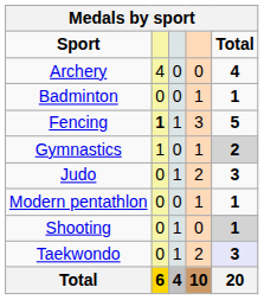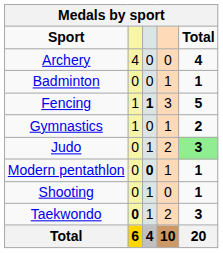 <table class="wikitable" style="font-size:85%;">
 <tr style="background:#efefef;">
 <th colspan=7>Medals by sport</th>
 </tr>
 <tr style="text-align:center">
 <td><strong>Sport</strong></td>
 <td bgcolor=#f7f6a8></td>
 <td bgcolor=#dce5e5></td>
 <td bgcolor=#ffdab9></td>
 <td><strong>Total</strong></td>
 </tr>
 <tr style="text-align:center">
 <td><a href='#'>Archery</a></td>
 <td style="background:#F7F6A8;">4</td>
 <td style="background:#DCE5E5;">0</td>
 <td style="background:#FFDAB9;">0</td>
 <td><strong>4</strong></td>
 </tr>
 <tr style="text-align:center">
 <td><a href='#'>Badminton</a></td>
 <td style="background:#F7F6A8;">0</td>
 <td style="background:#DCE5E5;">0</td>
 <td style="background:#FFDAB9;">1</td>
 <td><strong>1</strong></td>
 </tr>
 <tr style="text-align:center">
 <td><a href='#'>Fencing</a></td>
-<td style="background:#F7F6A8;"><strong>1</strong></td>
-<td style="background:#DCE5E5;">1</td>
+<td style="background:#F7F6A8;">1</td>
+<td style="background:#DCE5E5;"><strong>1</strong></td>
 <td style="background:#FFDAB9;">3</td>
 <td><strong>5</strong></td>
 </tr>
 <tr style="text-align:center">
 <td><a href='#'>Gymnastics</a></td>
 <td style="background:#F7F6A8;">1</td>
 <td style="background:#DCE5E5;">0</td>
 <td style="background:#FFDAB9;">1</td>
-<td style="background: lightgrey;"><strong>2</strong></td>
+<td><strong>2</strong></td>
 </tr>
 <tr style="text-align:center">
 <td><a href='#'>Judo</a></td>
 <td style="background:#F7F6A8;">0</td>
 <td style="background:#DCE5E5;">1</td>
 <td style="background:#FFDAB9;">2</td>
-<td><strong>3</strong></td>
+<td style="background: lightgreen;"><strong>3</strong></td>
 </tr>
 <tr style="text-align:center">
 <td><a href='#'>Modern pentathlon</a></td>
 <td style="background:#F7F6A8;">0</td>
-<td style="background:#DCE5E5;">0</td>
+<td style="background:#DCE5E5;"><strong>0</strong></td>
 <td style="background:#FFDAB9;">1</td>
 <td><strong>1</strong></td>
 </tr>
 <tr style="text-align:center">
 <td><a href='#'>Shooting</a></td>
 <td style="background:#F7F6A8;">0</td>
 <td style="background:#DCE5E5;">1</td>
 <td style="background:#FFDAB9;">0</td>
-<td style="background: lightgrey;"><strong>1</strong></td>
+<td><strong>1</strong></td>
 </tr>
 <tr style="text-align:center">
 <td><a href='#'>Taekwondo</a></td>
-<td style="background:#F7F6A8;">0</td>
+<td style="background:#F7F6A8;"><strong>0</strong></td>
 <td style="background:#DCE5E5;">1</td>
 <td style="background:#FFDAB9;">2</td>
-<td style="background: lavender;"><strong>3</strong></td>
+<td><strong>3</strong></td>
 </tr>
 <tr style="text-align:center">
 <th>Total</th>
 <th style="background:gold;">6</th>
 <th style="background:silver;">4</th>
 <th style="background:#c96;">10</th>
 <th>20</th>
 </tr>
 </table>
